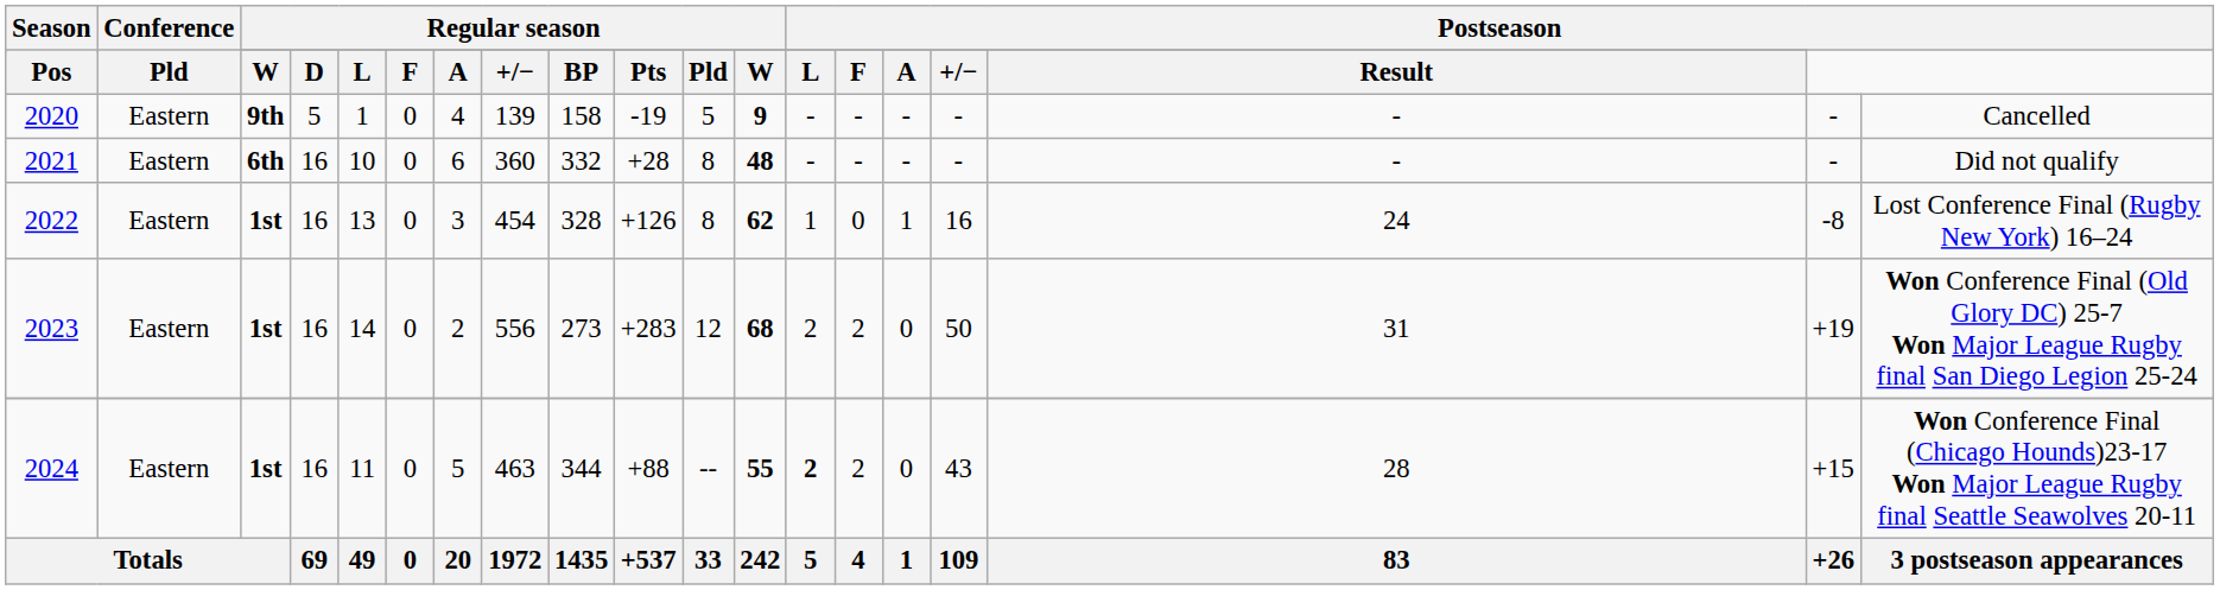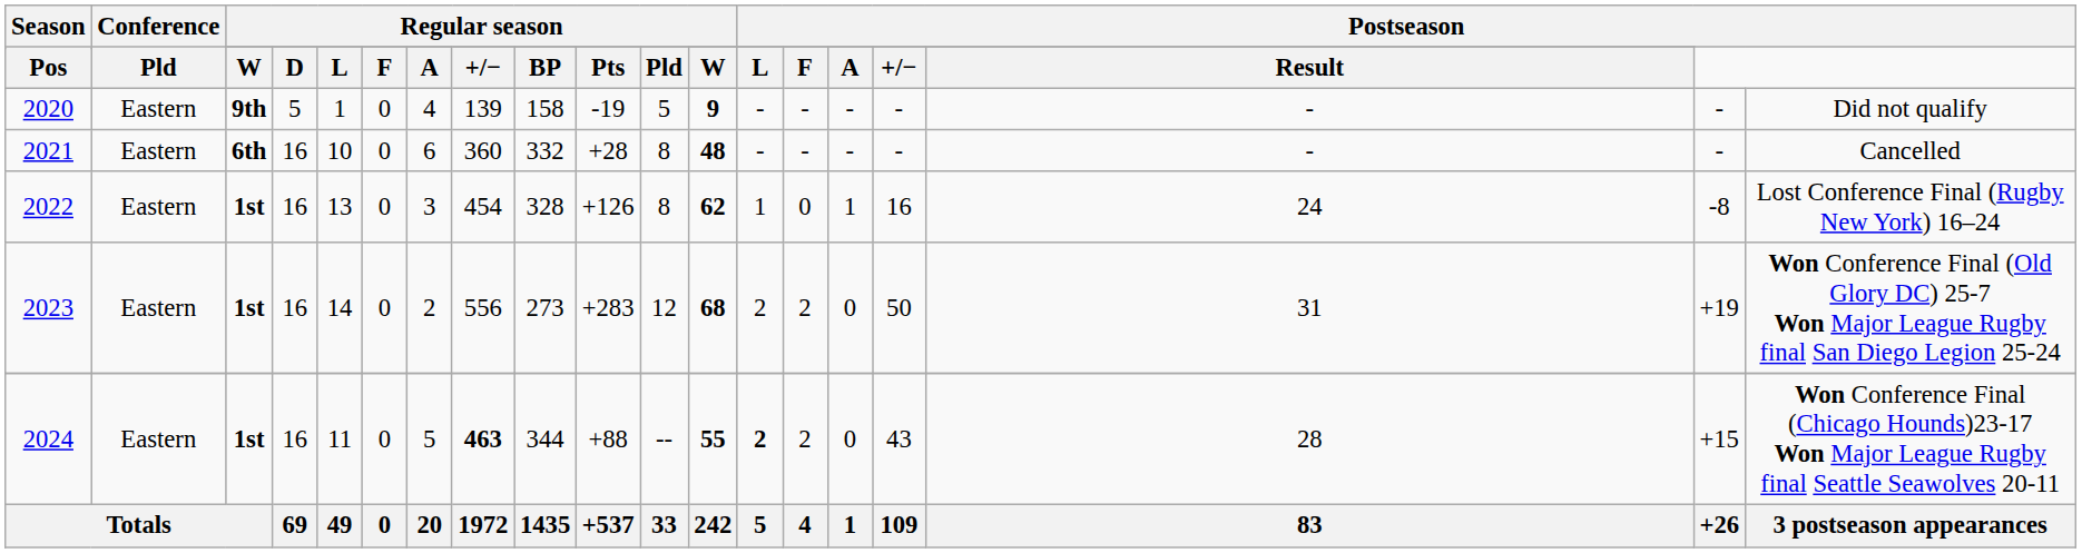 <table class="wikitable" style="text-align:center; font-size: 95%">
 <tr>
 <th rowspan="2">Season</th>
 <th rowspan="2">Conference</th>
 <th colspan="10">Regular season</th>
 <th colspan="8">Postseason</th>
 </tr>
 <tr {| class="wikitable" style="text-align:center;">
 </tr>
 <tr border=1 cellpadding=5 cellspacing=0>
 <th style="width:20px;">Pos</th>
 <th style="width:20px;">Pld</th>
 <th style="width:20px;">W</th>
 <th style="width:20px;">D</th>
 <th style="width:20px;">L</th>
 <th style="width:20px;">F</th>
 <th style="width:20px;">A</th>
 <th style="width:25px;">+/−</th>
 <th style="width:20px;">BP</th>
 <th style="width:20px;">Pts</th>
 <th style="width:20px;">Pld</th>
 <th style="width:20px;">W</th>
 <th style="width:20px;">L</th>
 <th style="width:20px;">F</th>
 <th style="width:20px;">A</th>
 <th style="width:25px;">+/−</th>
 <th style="width:30em; text-align:centre;">Result</th>
 </tr>
 <tr>
 <td><a href='#'>2020</a></td>
 <td>Eastern</td>
 <td><strong>9th</strong></td>
 <td>5</td>
 <td>1</td>
 <td>0</td>
 <td>4</td>
 <td>139</td>
 <td>158</td>
 <td>-19</td>
 <td>5</td>
 <td><strong>9</strong></td>
 <td>-</td>
 <td>-</td>
 <td>-</td>
 <td>-</td>
 <td>-</td>
 <td>-</td>
-<td>Cancelled</td>
+<td>Did not qualify</td>
 </tr>
 <tr>
 <td><a href='#'>2021</a></td>
 <td>Eastern</td>
 <td><strong>6th</strong></td>
 <td>16</td>
 <td>10</td>
 <td>0</td>
 <td>6</td>
 <td>360</td>
 <td>332</td>
 <td>+28</td>
 <td>8</td>
 <td><strong>48</strong></td>
 <td>-</td>
 <td>-</td>
 <td>-</td>
 <td>-</td>
 <td>-</td>
 <td>-</td>
-<td>Did not qualify</td>
+<td>Cancelled</td>
 </tr>
 <tr>
 <td><a href='#'>2022</a></td>
 <td>Eastern</td>
 <td><strong>1st</strong></td>
 <td>16</td>
 <td>13</td>
 <td>0</td>
 <td>3</td>
 <td>454</td>
 <td>328</td>
 <td>+126</td>
 <td>8</td>
 <td><strong>62</strong></td>
 <td>1</td>
 <td>0</td>
 <td>1</td>
 <td>16</td>
 <td>24</td>
 <td>-8</td>
 <td>Lost Conference Final (<a href='#'>Rugby New York</a>) 16–24</td>
 </tr>
 <tr>
 <td><a href='#'>2023</a></td>
 <td>Eastern</td>
 <td><strong>1st</strong></td>
 <td>16</td>
 <td>14</td>
 <td>0</td>
 <td>2</td>
 <td>556</td>
 <td>273</td>
 <td>+283</td>
 <td>12</td>
 <td><strong>68</strong></td>
 <td>2</td>
 <td>2</td>
 <td>0</td>
 <td>50</td>
 <td>31</td>
 <td>+19</td>
 <td><strong>Won</strong> Conference Final (<a href='#'>Old Glory DC</a>) 25-7<br> <strong>Won</strong> <a href='#'>Major League Rugby final</a> <a href='#'>San Diego Legion</a> 25-24</td>
 </tr>
 <tr align="center">
 </tr>
 <tr>
 <td><a href='#'>2024</a></td>
 <td>Eastern</td>
 <td><strong>1st</strong></td>
 <td>16</td>
 <td>11</td>
 <td>0</td>
 <td>5</td>
-<td>463</td>
+<td><strong>463</strong></td>
 <td>344</td>
 <td>+88</td>
 <td>--</td>
 <td><strong>55</strong></td>
 <td><strong>2</strong></td>
 <td>2</td>
 <td>0</td>
 <td>43</td>
 <td>28</td>
 <td>+15</td>
 <td><strong>Won</strong> Conference Final (<a href='#'>Chicago Hounds</a>)23-17<br> <strong>Won</strong> <a href='#'>Major League Rugby final</a> <a href='#'>Seattle Seawolves</a> 20-11</td>
 </tr>
 <tr align="center">
 <th colspan="3">Totals</th>
 <th>69</th>
 <th>49</th>
 <th>0</th>
 <th>20</th>
 <th>1972</th>
 <th>1435</th>
 <th>+537</th>
 <th>33</th>
 <th>242</th>
 <th>5</th>
 <th>4</th>
 <th>1</th>
 <th>109</th>
 <th>83</th>
 <th>+26</th>
 <th>3 postseason appearances</th>
 </tr>
 </table>
